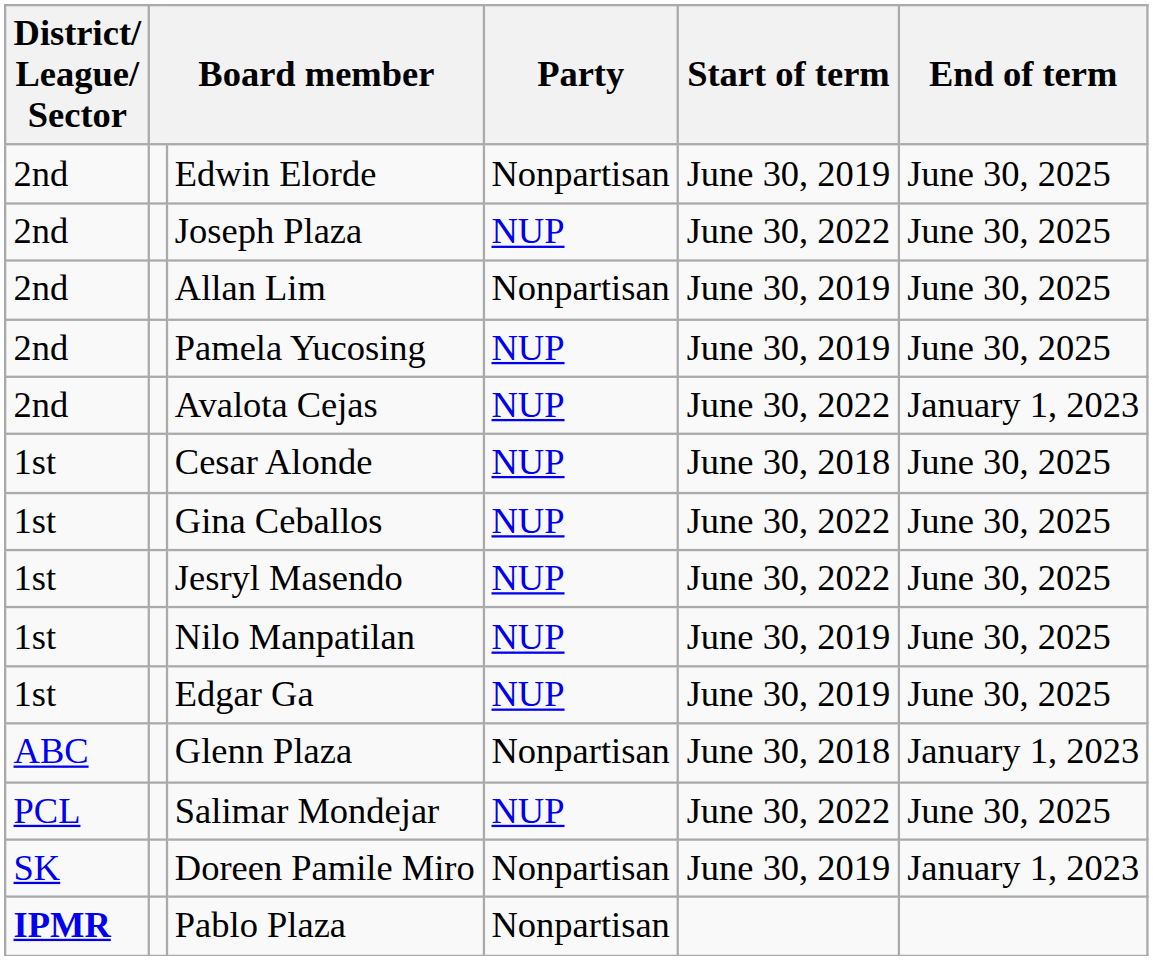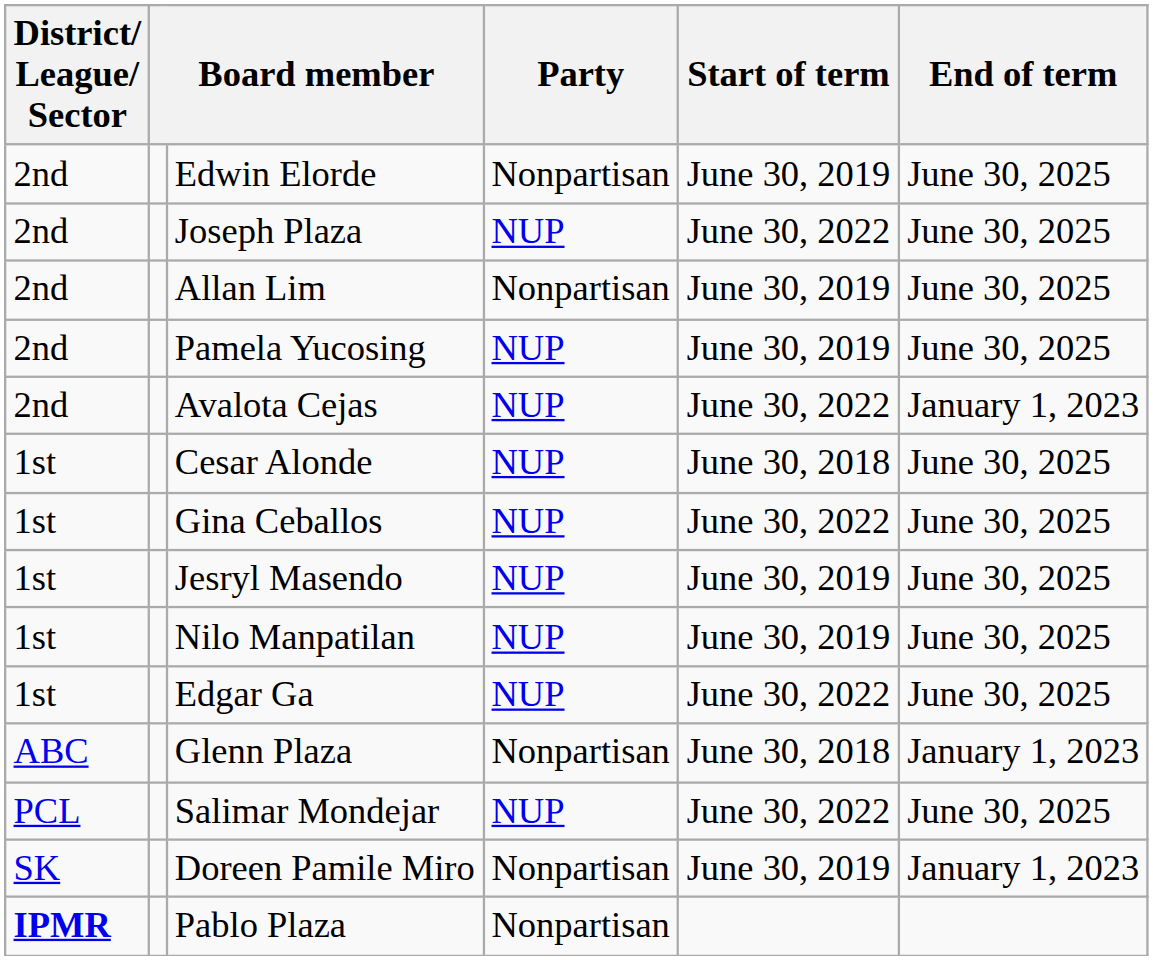 <table class="wikitable">
 <tr>
 <th>District/<br>League/<br>Sector</th>
 <th colspan="2">Board member</th>
 <th>Party</th>
 <th>Start of term</th>
 <th>End of term</th>
 </tr>
 <tr>
 <td>2nd</td>
 <td></td>
 <td>Edwin Elorde</td>
 <td>Nonpartisan</td>
 <td>June 30, 2019</td>
 <td>June 30, 2025</td>
 </tr>
 <tr>
 <td>2nd</td>
 <td></td>
 <td>Joseph Plaza</td>
 <td><a href='#'>NUP</a></td>
 <td>June 30, 2022</td>
 <td>June 30, 2025</td>
 </tr>
 <tr>
 <td>2nd</td>
 <td></td>
 <td>Allan Lim</td>
 <td>Nonpartisan</td>
 <td>June 30, 2019</td>
 <td>June 30, 2025</td>
 </tr>
 <tr>
 <td>2nd</td>
 <td></td>
 <td>Pamela Yucosing</td>
 <td><a href='#'>NUP</a></td>
 <td>June 30, 2019</td>
 <td>June 30, 2025</td>
 </tr>
 <tr>
 <td>2nd</td>
 <td></td>
 <td>Avalota Cejas</td>
 <td><a href='#'>NUP</a></td>
 <td>June 30, 2022</td>
 <td>January 1, 2023</td>
 </tr>
 <tr>
 <td>1st</td>
 <td></td>
 <td>Cesar Alonde</td>
 <td><a href='#'>NUP</a></td>
 <td>June 30, 2018</td>
 <td>June 30, 2025</td>
 </tr>
 <tr>
 <td>1st</td>
 <td></td>
 <td>Gina Ceballos</td>
 <td><a href='#'>NUP</a></td>
 <td>June 30, 2022</td>
 <td>June 30, 2025</td>
 </tr>
 <tr>
 <td>1st</td>
 <td></td>
 <td>Jesryl Masendo</td>
 <td><a href='#'>NUP</a></td>
-<td>June 30, 2022</td>
+<td>June 30, 2019</td>
 <td>June 30, 2025</td>
 </tr>
 <tr>
 <td>1st</td>
 <td></td>
 <td>Nilo Manpatilan</td>
 <td><a href='#'>NUP</a></td>
 <td>June 30, 2019</td>
 <td>June 30, 2025</td>
 </tr>
 <tr>
 <td>1st</td>
 <td></td>
 <td>Edgar Ga</td>
 <td><a href='#'>NUP</a></td>
-<td>June 30, 2019</td>
+<td>June 30, 2022</td>
 <td>June 30, 2025</td>
 </tr>
 <tr>
 <td><a href='#'>ABC</a></td>
 <td></td>
 <td>Glenn Plaza</td>
 <td>Nonpartisan</td>
 <td>June 30, 2018</td>
 <td>January 1, 2023</td>
 </tr>
 <tr>
 <td><a href='#'>PCL</a></td>
 <td></td>
 <td>Salimar Mondejar</td>
 <td><a href='#'>NUP</a></td>
 <td>June 30, 2022</td>
 <td>June 30, 2025</td>
 </tr>
 <tr>
 <td><a href='#'>SK</a></td>
 <td></td>
 <td>Doreen Pamile Miro</td>
 <td>Nonpartisan</td>
 <td>June 30, 2019</td>
 <td>January 1, 2023</td>
 </tr>
 <tr>
 <td><strong><a href='#'>IPMR</a></strong></td>
 <td></td>
 <td>Pablo Plaza</td>
 <td>Nonpartisan</td>
 <td></td>
 <td></td>
 </tr>
 </table>
